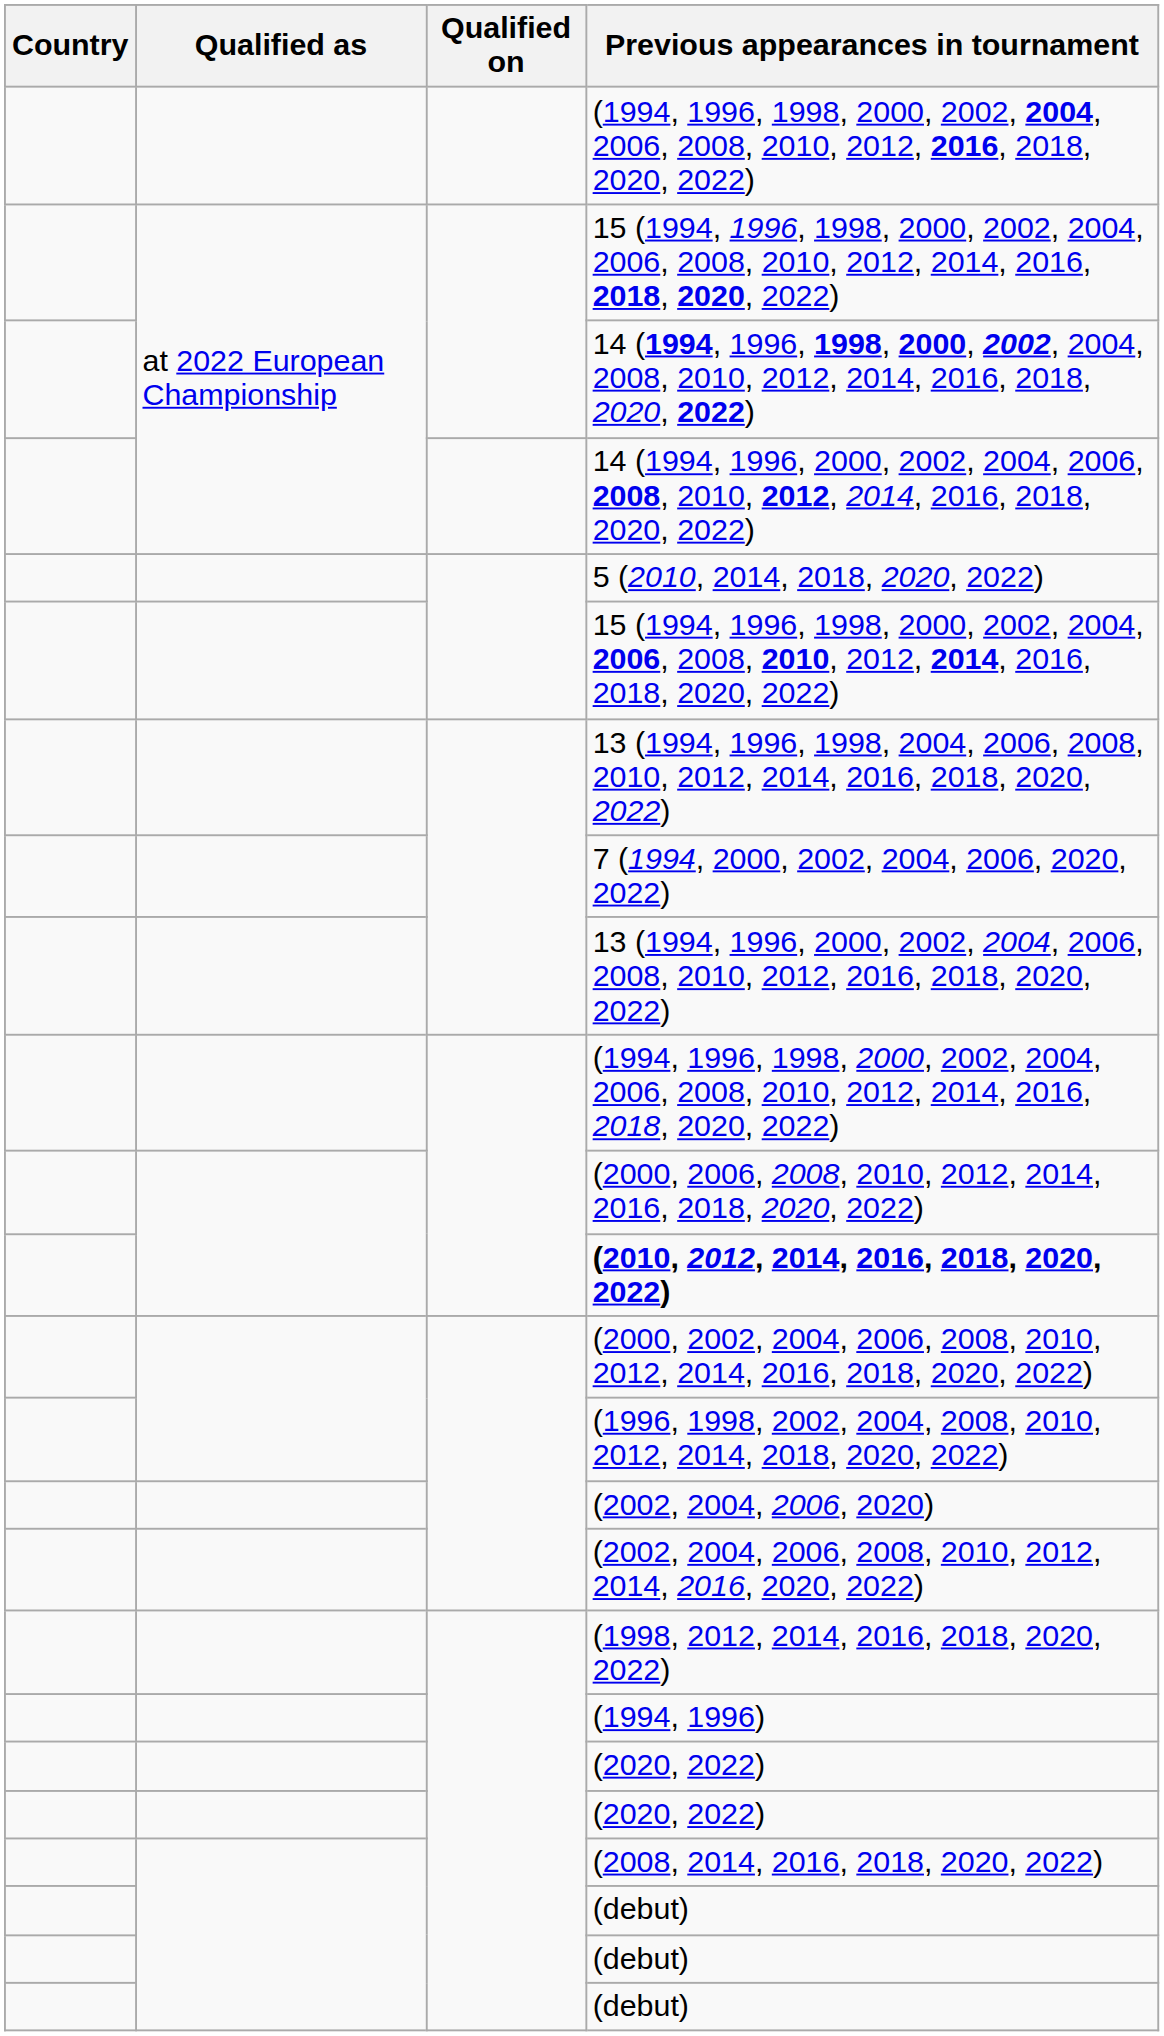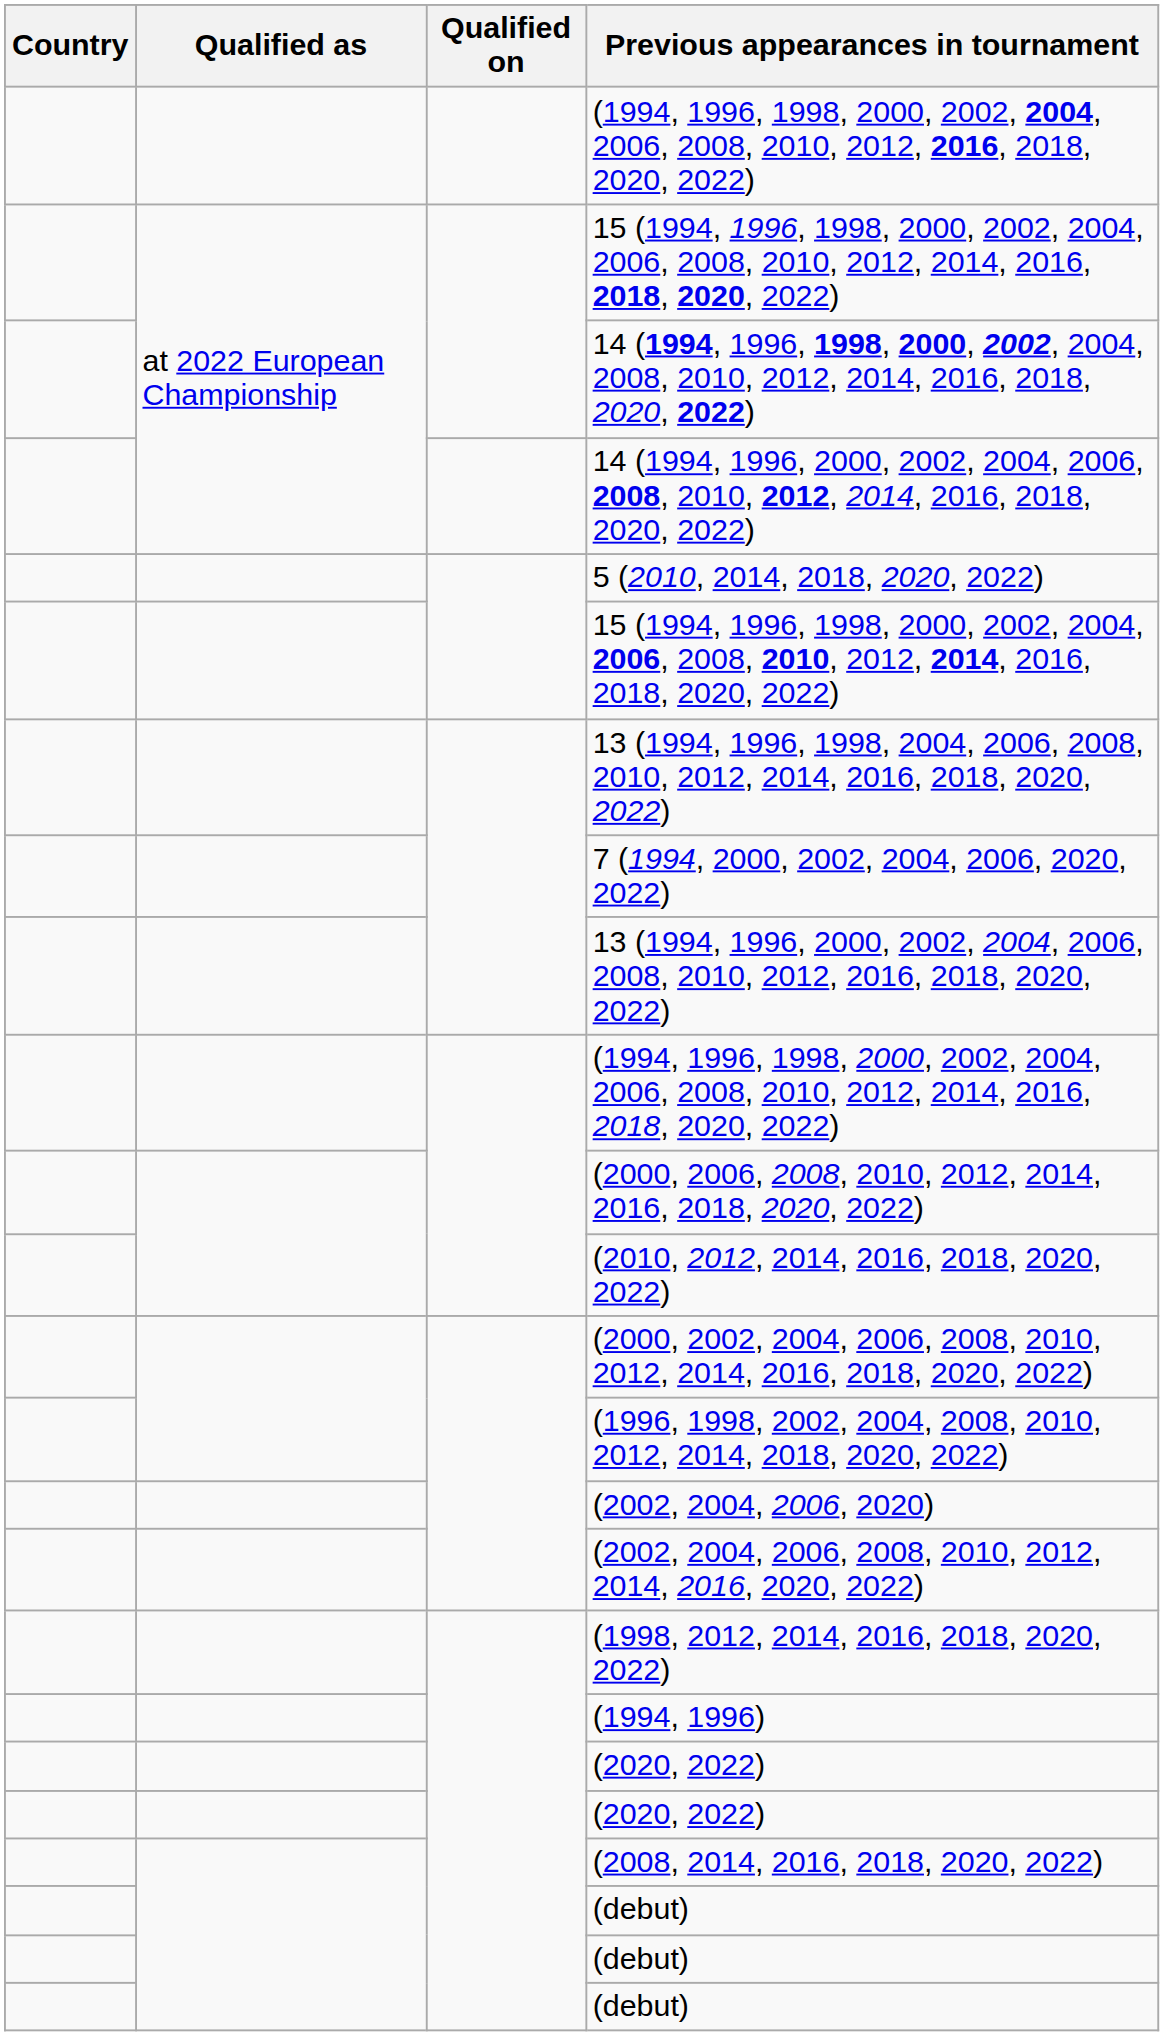 <table class="wikitable sortable">
 <tr>
 <th>Country</th>
 <th>Qualified as</th>
 <th>Qualified on</th>
 <th>Previous appearances in tournament</th>
 </tr>
 <tr>
 <td></td>
 <td></td>
 <td></td>
 <td> (<a href='#'>1994</a>, <a href='#'>1996</a>, <a href='#'>1998</a>, <a href='#'>2000</a>, <a href='#'>2002</a>, <strong><a href='#'>2004</a></strong>, <a href='#'>2006</a>, <a href='#'>2008</a>, <a href='#'>2010</a>, <a href='#'>2012</a>, <strong><a href='#'>2016</a></strong>, <a href='#'>2018</a>, <a href='#'>2020</a>, <a href='#'>2022</a>)</td>
 </tr>
 <tr>
 <td></td>
 <td rowspan=3> at <a href='#'>2022 European Championship</a></td>
 <td rowspan=2></td>
 <td>15 (<a href='#'>1994</a>, <a href='#'><em>1996</em></a>, <a href='#'>1998</a>, <a href='#'>2000</a>, <a href='#'>2002</a>, <a href='#'>2004</a>, <a href='#'>2006</a>, <a href='#'>2008</a>, <a href='#'>2010</a>, <a href='#'>2012</a>, <a href='#'>2014</a>, <a href='#'>2016</a>, <strong><a href='#'>2018</a></strong>, <strong><a href='#'>2020</a></strong>, <a href='#'>2022</a>)</td>
 </tr>
 <tr>
 <td></td>
 <td>14 (<a href='#'><strong>1994</strong></a>, <a href='#'>1996</a>, <a href='#'><strong>1998</strong></a>, <a href='#'><strong>2000</strong></a>, <a href='#'><strong><em>2002</em></strong></a>, <a href='#'>2004</a>, <a href='#'>2008</a>, <a href='#'>2010</a>, <a href='#'>2012</a>, <a href='#'>2014</a>, <a href='#'>2016</a>, <a href='#'>2018</a>, <em><a href='#'>2020</a></em>, <strong><a href='#'>2022</a></strong>)</td>
 </tr>
 <tr>
 <td></td>
 <td></td>
 <td>14 (<a href='#'>1994</a>, <a href='#'>1996</a>, <a href='#'>2000</a>, <a href='#'>2002</a>, <a href='#'>2004</a>, <a href='#'>2006</a>, <a href='#'><strong>2008</strong></a>, <a href='#'>2010</a>, <a href='#'><strong>2012</strong></a>, <a href='#'><em>2014</em></a>, <a href='#'>2016</a>, <a href='#'>2018</a>, <a href='#'>2020</a>, <a href='#'>2022</a>)</td>
 </tr>
 <tr>
 <td></td>
 <td></td>
 <td rowspan=2></td>
 <td>5 (<em><a href='#'>2010</a></em>, <a href='#'>2014</a>, <a href='#'>2018</a>, <em><a href='#'>2020</a></em>, <a href='#'>2022</a>)</td>
 </tr>
 <tr>
 <td></td>
 <td></td>
 <td>15 (<a href='#'>1994</a>, <a href='#'>1996</a>, <a href='#'>1998</a>, <a href='#'>2000</a>, <a href='#'>2002</a>, <a href='#'>2004</a>, <a href='#'><strong>2006</strong></a>, <a href='#'>2008</a>, <a href='#'><strong>2010</strong></a>, <a href='#'>2012</a>, <a href='#'><strong>2014</strong></a>, <a href='#'>2016</a>, <a href='#'>2018</a>, <a href='#'>2020</a>, <a href='#'>2022</a>)</td>
 </tr>
 <tr>
 <td></td>
 <td></td>
 <td rowspan=3></td>
 <td>13 (<a href='#'>1994</a>, <a href='#'>1996</a>, <a href='#'>1998</a>, <a href='#'>2004</a>, <a href='#'>2006</a>, <a href='#'>2008</a>, <a href='#'>2010</a>, <a href='#'>2012</a>, <a href='#'>2014</a>, <a href='#'>2016</a>, <a href='#'>2018</a>, <a href='#'>2020</a>, <em><a href='#'>2022</a></em>)</td>
 </tr>
 <tr>
 <td></td>
 <td></td>
 <td>7 (<em><a href='#'>1994</a></em>, <a href='#'>2000</a>, <a href='#'>2002</a>, <a href='#'>2004</a>, <a href='#'>2006</a>, <a href='#'>2020</a>, <a href='#'>2022</a>)</td>
 </tr>
 <tr>
 <td></td>
 <td></td>
 <td>13 (<a href='#'>1994</a>, <a href='#'>1996</a>, <a href='#'>2000</a>, <a href='#'>2002</a>, <em><a href='#'>2004</a></em>, <a href='#'>2006</a>, <a href='#'>2008</a>, <a href='#'>2010</a>, <a href='#'>2012</a>, <a href='#'>2016</a>, <a href='#'>2018</a>, <a href='#'>2020</a>, <a href='#'>2022</a>)</td>
 </tr>
 <tr>
 <td></td>
 <td></td>
 <td rowspan=3></td>
 <td> (<a href='#'>1994</a>, <a href='#'>1996</a>, <a href='#'>1998</a>, <a href='#'><em>2000</em></a>, <a href='#'>2002</a>, <a href='#'>2004</a>, <a href='#'>2006</a>, <a href='#'>2008</a>, <a href='#'>2010</a>, <a href='#'>2012</a>, <a href='#'>2014</a>, <a href='#'>2016</a>, <em><a href='#'>2018</a></em>, <a href='#'>2020</a>, <a href='#'>2022</a>)</td>
 </tr>
 <tr>
 <td></td>
 <td rowspan=2></td>
 <td> (<a href='#'>2000</a>, <a href='#'>2006</a>, <a href='#'><em>2008</em></a>, <a href='#'>2010</a>, <a href='#'>2012</a>, <a href='#'>2014</a>, <a href='#'>2016</a>, <a href='#'>2018</a>, <em><a href='#'>2020</a></em>, <a href='#'>2022</a>)</td>
 </tr>
 <tr>
 <td></td>
-<td><strong> (<a href='#'>2010</a>, <em><a href='#'>2012</a></em>, <a href='#'>2014</a>, <a href='#'>2016</a>, <a href='#'>2018</a>, <a href='#'>2020</a>, <a href='#'>2022</a>)</strong></td>
+<td> (<a href='#'>2010</a>, <em><a href='#'>2012</a></em>, <a href='#'>2014</a>, <a href='#'>2016</a>, <a href='#'>2018</a>, <a href='#'>2020</a>, <a href='#'>2022</a>)</td>
 </tr>
 <tr>
 <td></td>
 <td rowspan=2></td>
 <td rowspan=4></td>
 <td> (<a href='#'>2000</a>, <a href='#'>2002</a>, <a href='#'>2004</a>, <a href='#'>2006</a>, <a href='#'>2008</a>, <a href='#'>2010</a>, <a href='#'>2012</a>, <a href='#'>2014</a>, <a href='#'>2016</a>, <a href='#'>2018</a>, <a href='#'>2020</a>, <a href='#'>2022</a>)</td>
 </tr>
 <tr>
 <td></td>
 <td> (<a href='#'>1996</a>, <a href='#'>1998</a>, <a href='#'>2002</a>, <a href='#'>2004</a>, <a href='#'>2008</a>, <a href='#'>2010</a>, <a href='#'>2012</a>, <a href='#'>2014</a>, <a href='#'>2018</a>, <a href='#'>2020</a>, <a href='#'>2022</a>)</td>
 </tr>
 <tr>
 <td></td>
 <td></td>
 <td> (<a href='#'>2002</a>, <a href='#'>2004</a>, <em><a href='#'>2006</a></em>, <a href='#'>2020</a>)</td>
 </tr>
 <tr>
 <td></td>
 <td></td>
 <td> (<a href='#'>2002</a>, <a href='#'>2004</a>, <a href='#'>2006</a>, <a href='#'>2008</a>, <a href='#'>2010</a>, <a href='#'>2012</a>, <a href='#'>2014</a>, <a href='#'><em>2016</em></a>, <a href='#'>2020</a>, <a href='#'>2022</a>)</td>
 </tr>
 <tr>
 <td></td>
 <td></td>
 <td rowspan=8></td>
 <td> (<a href='#'>1998</a>, <a href='#'>2012</a>, <a href='#'>2014</a>, <a href='#'>2016</a>, <a href='#'>2018</a>, <a href='#'>2020</a>, <a href='#'>2022</a>)</td>
 </tr>
 <tr>
 <td></td>
 <td></td>
 <td> (<a href='#'>1994</a>, <a href='#'>1996</a>)</td>
 </tr>
 <tr>
 <td></td>
 <td></td>
 <td> (<a href='#'>2020</a>, <a href='#'>2022</a>)</td>
 </tr>
 <tr>
 <td></td>
 <td></td>
 <td> (<a href='#'>2020</a>, <a href='#'>2022</a>)</td>
 </tr>
 <tr>
 <td></td>
 <td rowspan=4></td>
 <td> (<a href='#'>2008</a>, <a href='#'>2014</a>, <a href='#'>2016</a>, <a href='#'>2018</a>, <a href='#'>2020</a>, <a href='#'>2022</a>)</td>
 </tr>
 <tr>
 <td></td>
 <td> (debut)</td>
 </tr>
 <tr>
 <td></td>
 <td> (debut)</td>
 </tr>
 <tr>
 <td></td>
 <td> (debut)</td>
 </tr>
 </table>
